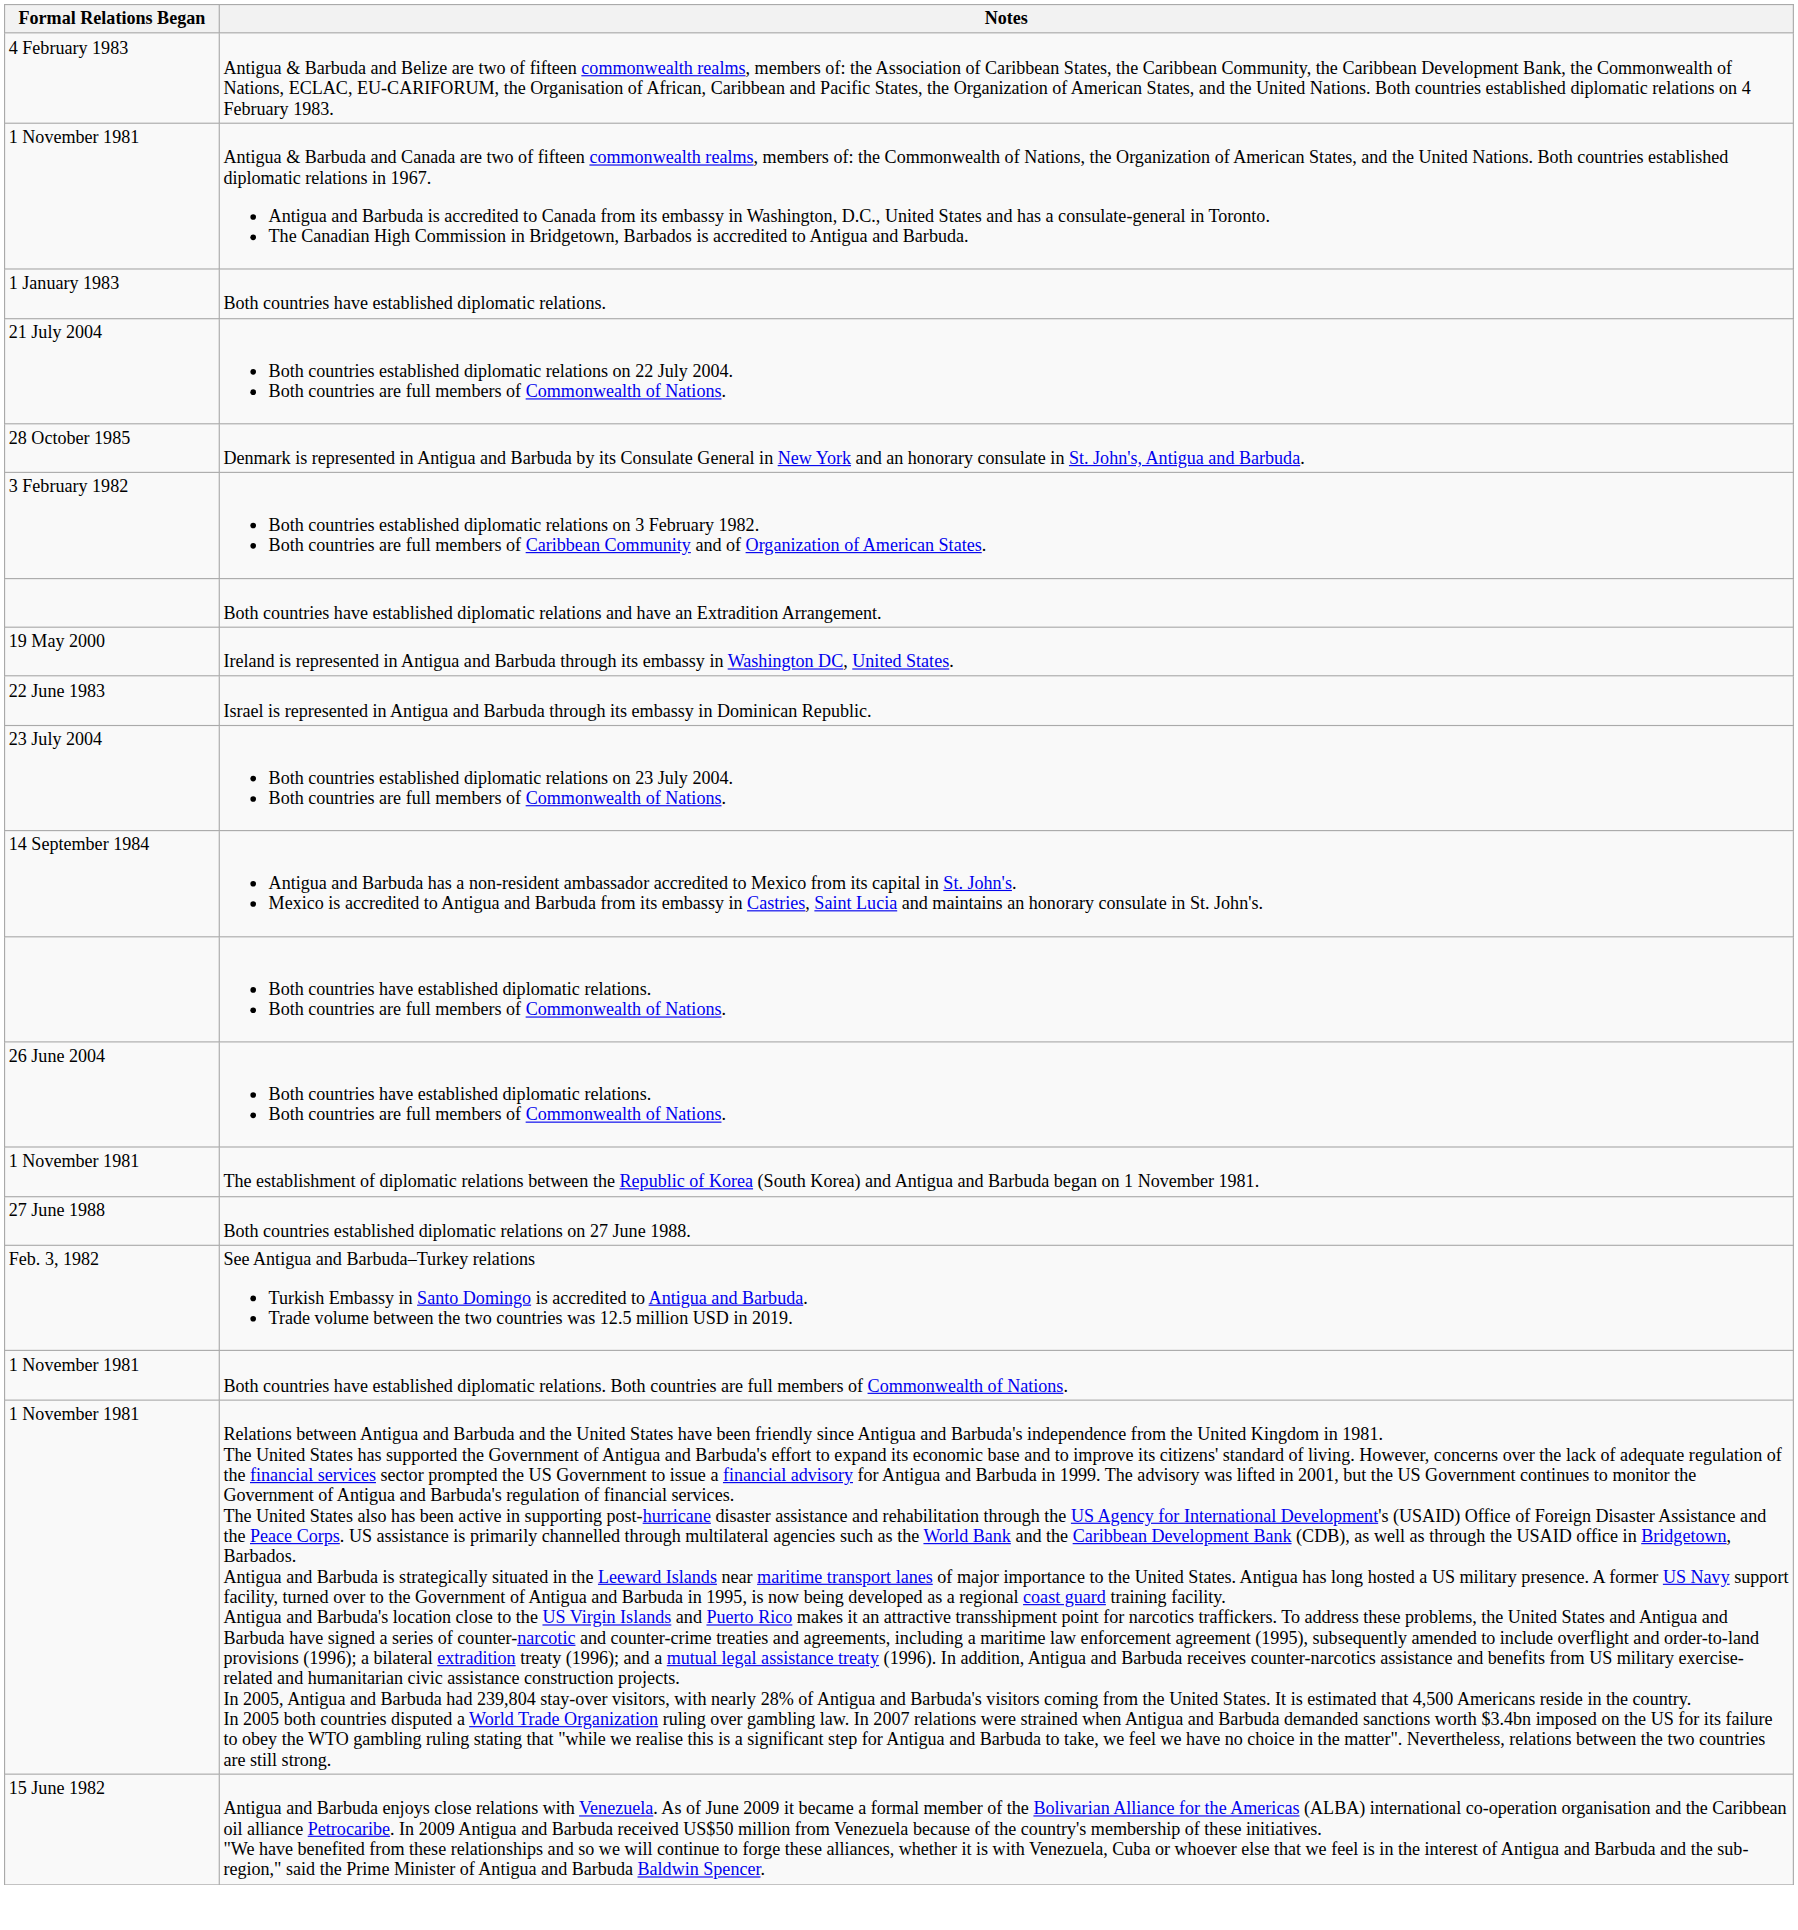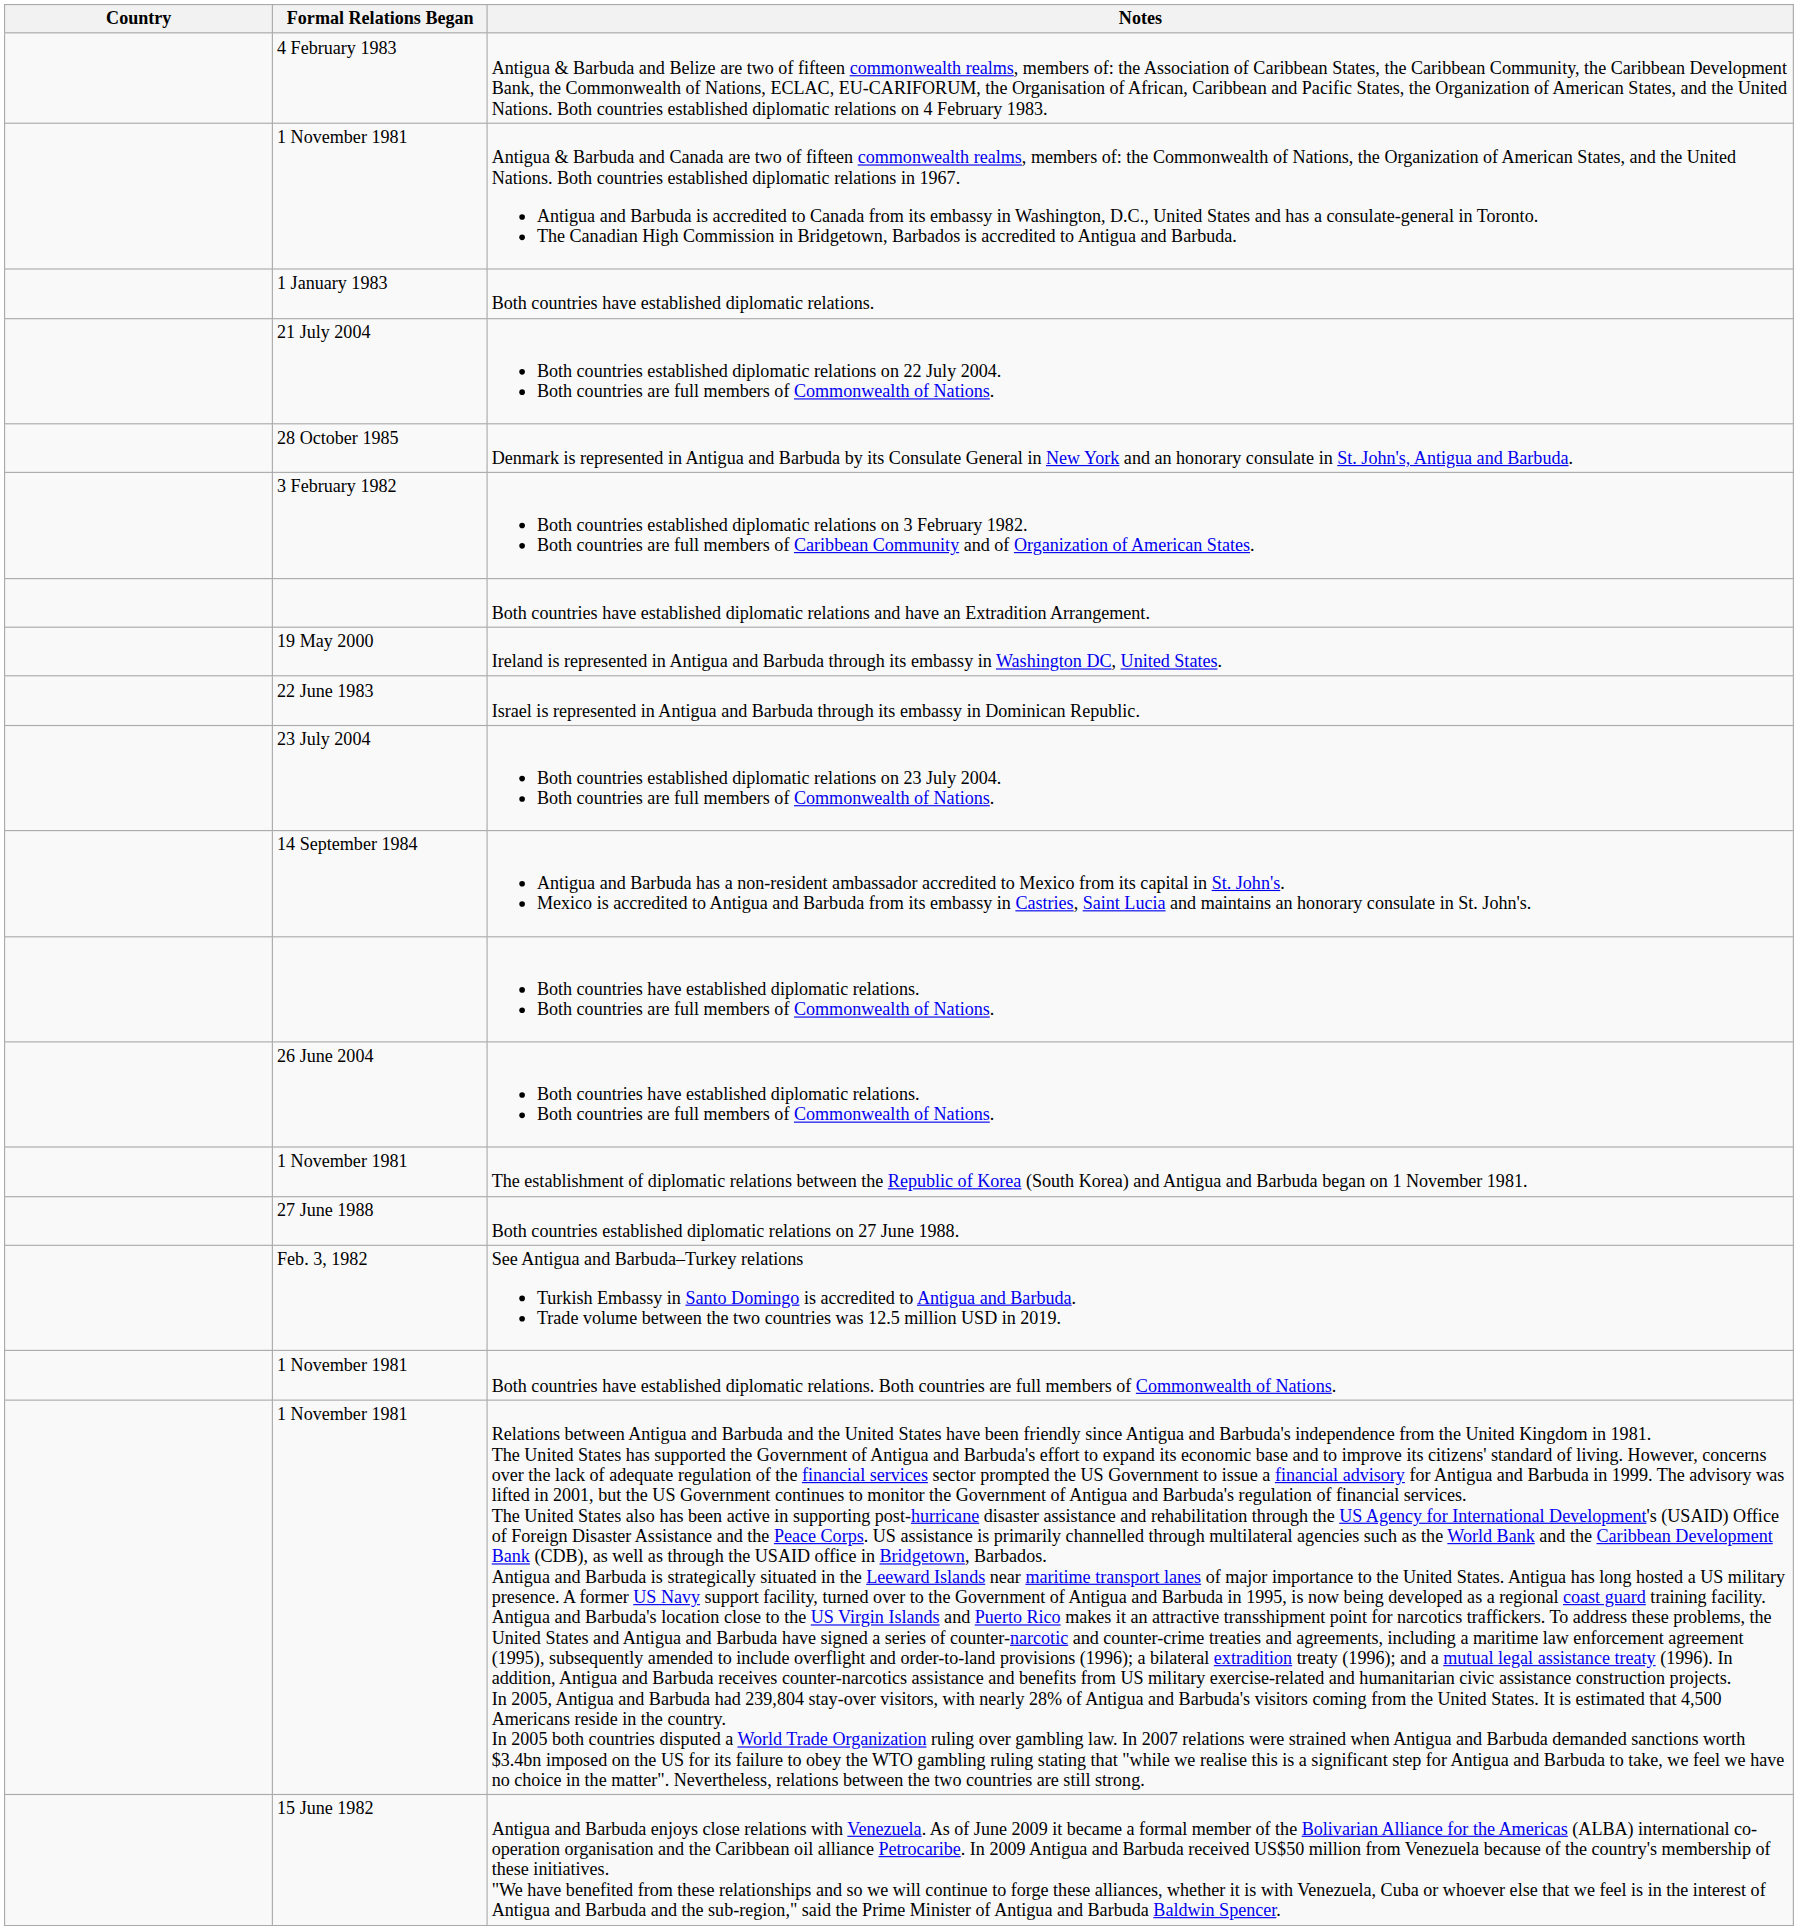 <table class="wikitable sortable" style="width:100%; margin:auto;">
 <tr>
+<th style="width:15%;">Country</th>
 <th style="width:12%;">Formal Relations Began</th>
 <th>Notes</th>
 </tr>
 <tr valign="top">
+<td></td>
 <td>4 February 1983</td>
 <td><br>Antigua & Barbuda and Belize are two of fifteen <a href='#'>commonwealth realms</a>, members of: the Association of Caribbean States, the Caribbean Community, the Caribbean Development Bank, the Commonwealth of Nations, ECLAC, EU-CARIFORUM, the Organisation of African, Caribbean and Pacific States, the Organization of American States, and the United Nations. Both countries established diplomatic relations on 4 February 1983.</td>
 </tr>
 <tr valign="top">
+<td></td>
 <td>1 November 1981</td>
 <td><br>Antigua & Barbuda and Canada are two of fifteen <a href='#'>commonwealth realms</a>, members of: the Commonwealth of Nations, the Organization of American States, and the United Nations. Both countries established diplomatic relations in 1967.<ul><li>Antigua and Barbuda is accredited to Canada from its embassy in Washington, D.C., United States and has a consulate-general in Toronto.</li><li>The Canadian High Commission in Bridgetown, Barbados is accredited to Antigua and Barbuda.</li></ul></td>
 </tr>
 <tr valign="top">
+<td></td>
 <td>1 January 1983</td>
 <td><br> Both countries have established diplomatic relations.</td>
 </tr>
 <tr valign="top">
+<td></td>
 <td>21 July 2004</td>
 <td><br><ul><li>Both countries established diplomatic relations on 22 July 2004.</li><li>Both countries are full members of <a href='#'>Commonwealth of Nations</a>.</li></ul></td>
 </tr>
 <tr valign="top">
+<td></td>
 <td>28 October 1985</td>
 <td><br>Denmark is represented in Antigua and Barbuda by its Consulate General in <a href='#'>New York</a> and an honorary consulate in <a href='#'>St. John's, Antigua and Barbuda</a>.</td>
 </tr>
 <tr valign="top">
+<td></td>
 <td>3 February 1982</td>
 <td><br><ul><li>Both countries established diplomatic relations on 3 February 1982.</li><li>Both countries are full members of <a href='#'>Caribbean Community</a> and of <a href='#'>Organization of American States</a>.</li></ul></td>
 </tr>
 <tr valign="top">
 <td></td>
+<td></td>
 <td><br> Both countries have established diplomatic relations and have an Extradition Arrangement.</td>
 </tr>
 <tr valign="top">
+<td></td>
 <td>19 May 2000</td>
 <td><br>Ireland is represented in Antigua and Barbuda through its embassy in <a href='#'>Washington DC</a>, <a href='#'>United States</a>.</td>
 </tr>
 <tr valign="top">
+<td></td>
 <td>22 June 1983</td>
 <td><br>Israel is represented in Antigua and Barbuda through its embassy in Dominican Republic.</td>
 </tr>
 <tr valign="top">
+<td></td>
 <td>23 July 2004</td>
 <td><br><ul><li>Both countries established diplomatic relations on 23 July 2004.</li><li>Both countries are full members of <a href='#'>Commonwealth of Nations</a>.</li></ul></td>
 </tr>
 <tr valign="top">
+<td></td>
 <td>14 September 1984</td>
 <td><br><ul><li>Antigua and Barbuda has a non-resident ambassador accredited to Mexico from its capital in <a href='#'>St. John's</a>.</li><li>Mexico is accredited to Antigua and Barbuda from its embassy in <a href='#'>Castries</a>, <a href='#'>Saint Lucia</a> and maintains an honorary consulate in St. John's.</li></ul></td>
 </tr>
 <tr valign="top">
 <td></td>
+<td></td>
 <td><br><ul><li>Both countries have established diplomatic relations.</li><li>Both countries are full members of <a href='#'>Commonwealth of Nations</a>.</li></ul></td>
 </tr>
 <tr valign="top">
+<td></td>
 <td>26 June 2004</td>
 <td><br><ul><li>Both countries have established diplomatic relations.</li><li>Both countries are full members of <a href='#'>Commonwealth of Nations</a>.</li></ul></td>
 </tr>
 <tr valign="top">
+<td></td>
 <td>1 November 1981</td>
 <td><br>The establishment of diplomatic relations between the <a href='#'>Republic of Korea</a> (South Korea) and Antigua and Barbuda began on 1 November 1981.</td>
 </tr>
 <tr valign="top">
+<td></td>
 <td>27 June 1988</td>
 <td><br>Both countries established diplomatic relations on 27 June 1988.</td>
 </tr>
 <tr valign="top">
+<td></td>
 <td>Feb. 3, 1982</td>
 <td>See Antigua and Barbuda–Turkey relations<br><ul><li>Turkish Embassy in <a href='#'>Santo Domingo</a> is accredited to <a href='#'>Antigua and Barbuda</a>.</li><li>Trade volume between the two countries was 12.5 million USD in 2019.</li></ul></td>
 </tr>
 <tr valign="top">
+<td></td>
 <td>1 November 1981</td>
 <td><br>Both countries have established diplomatic relations. Both countries are full members of <a href='#'>Commonwealth of Nations</a>.</td>
 </tr>
 <tr valign="top">
+<td></td>
 <td>1 November 1981</td>
 <td><br> Relations between Antigua and Barbuda and the United States have been friendly since Antigua and Barbuda's independence from the United Kingdom in 1981.<br>The United States has supported the Government of Antigua and Barbuda's effort to expand its economic base and to improve its citizens' standard of living. However, concerns over the lack of adequate regulation of the <a href='#'>financial services</a> sector prompted the US Government to issue a <a href='#'>financial advisory</a> for Antigua and Barbuda in 1999. The advisory was lifted in 2001, but the US Government continues to monitor the Government of Antigua and Barbuda's regulation of financial services.<br>The United States also has been active in supporting post-<a href='#'>hurricane</a> disaster assistance and rehabilitation through the <a href='#'>US Agency for International Development</a>'s (USAID) Office of Foreign Disaster Assistance and the <a href='#'>Peace Corps</a>. US assistance is primarily channelled through multilateral agencies such as the <a href='#'>World Bank</a> and the <a href='#'>Caribbean Development Bank</a> (CDB), as well as through the USAID office in <a href='#'>Bridgetown</a>, Barbados.<br>Antigua and Barbuda is strategically situated in the <a href='#'>Leeward Islands</a> near <a href='#'>maritime transport lanes</a> of major importance to the United States. Antigua has long hosted a US military presence. A former <a href='#'>US Navy</a> support facility, turned over to the Government of Antigua and Barbuda in 1995, is now being developed as a regional <a href='#'>coast guard</a> training facility.<br>Antigua and Barbuda's location close to the <a href='#'>US Virgin Islands</a> and <a href='#'>Puerto Rico</a> makes it an attractive transshipment point for narcotics traffickers. To address these problems, the United States and Antigua and Barbuda have signed a series of counter-<a href='#'>narcotic</a> and counter-crime treaties and agreements, including a maritime law enforcement agreement (1995), subsequently amended to include overflight and order-to-land provisions (1996); a bilateral <a href='#'>extradition</a> treaty (1996); and a <a href='#'>mutual legal assistance treaty</a> (1996). In addition, Antigua and Barbuda receives counter-narcotics assistance and benefits from US military exercise-related and humanitarian civic assistance construction projects.<br>In 2005, Antigua and Barbuda had 239,804 stay-over visitors, with nearly 28% of Antigua and Barbuda's visitors coming from the United States. It is estimated that 4,500 Americans reside in the country.<br>In 2005 both countries disputed a <a href='#'>World Trade Organization</a> ruling over gambling law. In 2007 relations were strained when Antigua and Barbuda demanded sanctions worth $3.4bn imposed on the US for its failure to obey the WTO gambling ruling stating that "while we realise this is a significant step for Antigua and Barbuda to take, we feel we have no choice in the matter". Nevertheless, relations between the two countries are still strong.</td>
 </tr>
 <tr valign="top">
+<td></td>
 <td>15 June 1982</td>
 <td><br>Antigua and Barbuda enjoys close relations with <a href='#'>Venezuela</a>.  As of June 2009 it became a formal member of the <a href='#'>Bolivarian Alliance for the Americas</a> (ALBA) international co-operation organisation and the Caribbean oil alliance <a href='#'>Petrocaribe</a>. In 2009 Antigua and Barbuda received US$50 million from Venezuela because of the country's membership of these initiatives.<br>"We have benefited from these relationships and so we will continue to forge these alliances, whether it is with Venezuela, Cuba or whoever else that we feel is in the interest of Antigua and Barbuda and the sub-region," said the Prime Minister of Antigua and Barbuda <a href='#'>Baldwin Spencer</a>.</td>
 </tr>
 </table>
